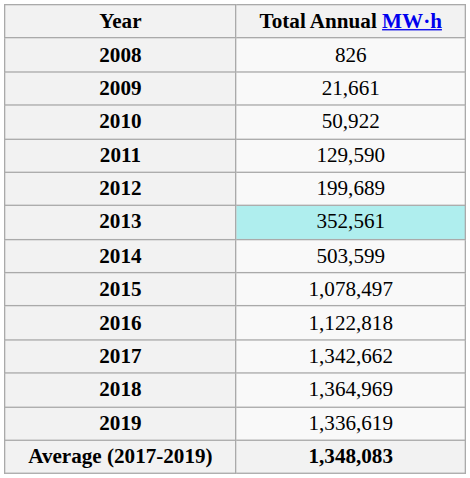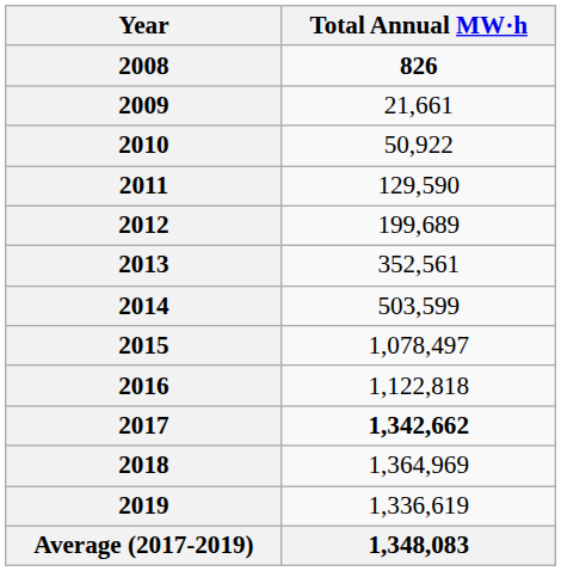 <table class=wikitable style="text-align:center; width:350px;">
 <tr>
 <th>Year</th>
 <th>Total Annual <a href='#'>MW·h</a></th>
 </tr>
 <tr>
 <th>2008</th>
-<td>826</td>
+<td><strong>826</strong></td>
 </tr>
 <tr>
 <th>2009</th>
 <td>21,661</td>
 </tr>
 <tr>
 <th>2010</th>
 <td>50,922</td>
 </tr>
 <tr>
 <th>2011</th>
 <td>129,590</td>
 </tr>
 <tr>
 <th>2012</th>
 <td>199,689</td>
 </tr>
 <tr>
 <th>2013</th>
-<td style="background: paleturquoise;">352,561</td>
+<td>352,561</td>
 </tr>
 <tr>
 <th>2014</th>
 <td>503,599</td>
 </tr>
 <tr>
 <th>2015</th>
 <td>1,078,497</td>
 </tr>
 <tr>
 <th>2016</th>
 <td>1,122,818</td>
 </tr>
 <tr>
 <th>2017</th>
-<td>1,342,662</td>
+<td><strong>1,342,662</strong></td>
 </tr>
 <tr>
 <th>2018</th>
 <td>1,364,969</td>
 </tr>
 <tr>
 <th>2019</th>
 <td>1,336,619</td>
 </tr>
 <tr>
 <th>Average (2017-2019)</th>
 <th>1,348,083</th>
 </tr>
 </table>
